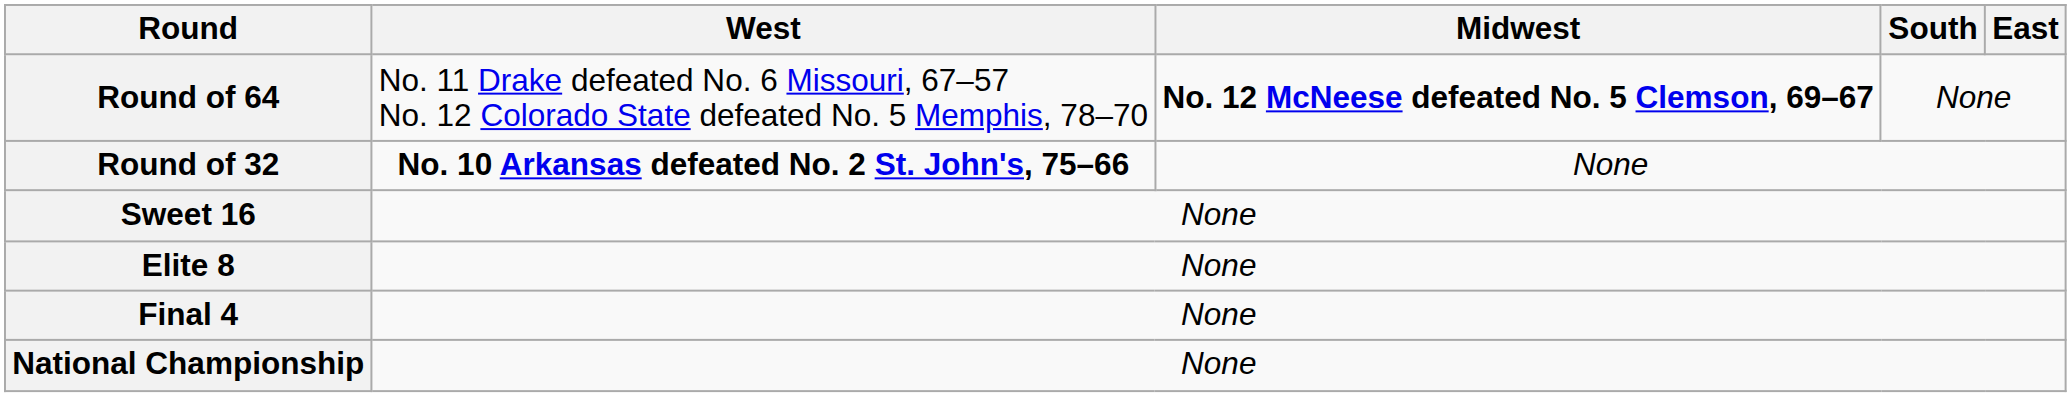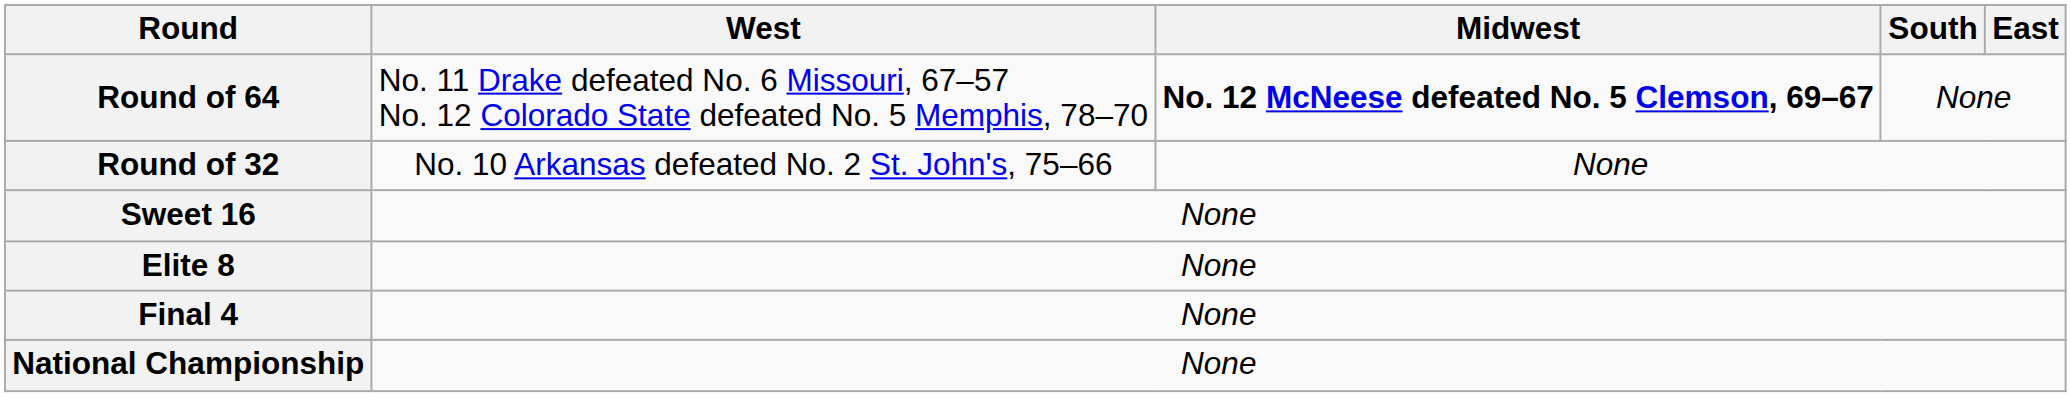 <table class="wikitable" style="text-align:left;">
 <tr>
 <th scope="col">Round</th>
 <th scope="col">West</th>
 <th scope="col">Midwest</th>
 <th scope="col">South</th>
 <th scope="col">East</th>
 </tr>
 <tr>
 <th scope="row">Round of 64</th>
 <td>No. 11 <a href='#'>Drake</a> defeated No. 6 <a href='#'>Missouri</a>, 67–57<br>No. 12 <a href='#'>Colorado State</a> defeated No. 5 <a href='#'>Memphis</a>, 78–70</td>
 <td><strong>No. 12 <a href='#'>McNeese</a> defeated No. 5 <a href='#'>Clemson</a>, 69–67</strong></td>
 <td colspan=2 align=center><em>None</em></td>
 </tr>
 <tr align=center>
 <th scope="row">Round of 32</th>
-<td><strong>No. 10 <a href='#'>Arkansas</a> defeated No. 2 <a href='#'>St. John's</a>, 75–66</strong></td>
+<td>No. 10 <a href='#'>Arkansas</a> defeated No. 2 <a href='#'>St. John's</a>, 75–66</td>
 <td colspan=3 align=center><em>None</em></td>
 </tr>
 <tr align=center>
 <th scope="row">Sweet 16</th>
 <td colspan=4 align=center><em>None</em></td>
 </tr>
 <tr align=center>
 <th scope="row">Elite 8</th>
 <td colspan="4" align="center"><em>None</em></td>
 </tr>
 <tr>
 <th scope="row">Final 4</th>
 <td colspan=4 align=center><em>None</em></td>
 </tr>
 <tr>
 <th scope="row">National Championship</th>
 <td colspan=4 align=center><em>None</em></td>
 </tr>
 </table>
